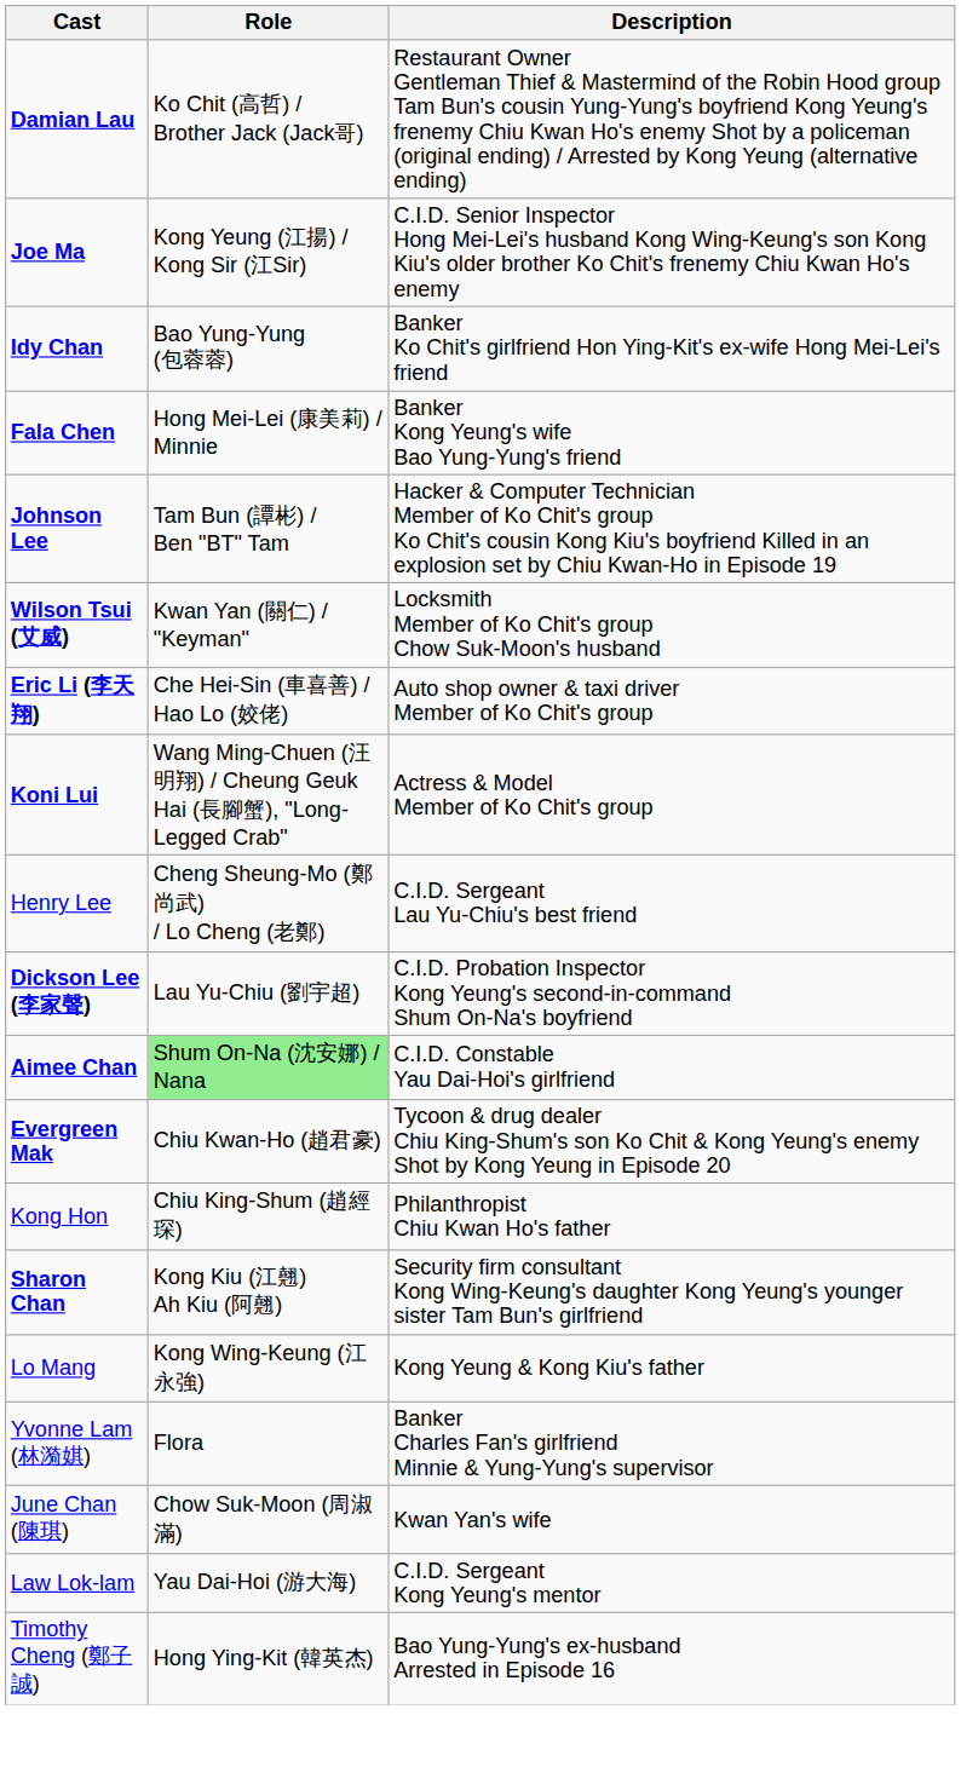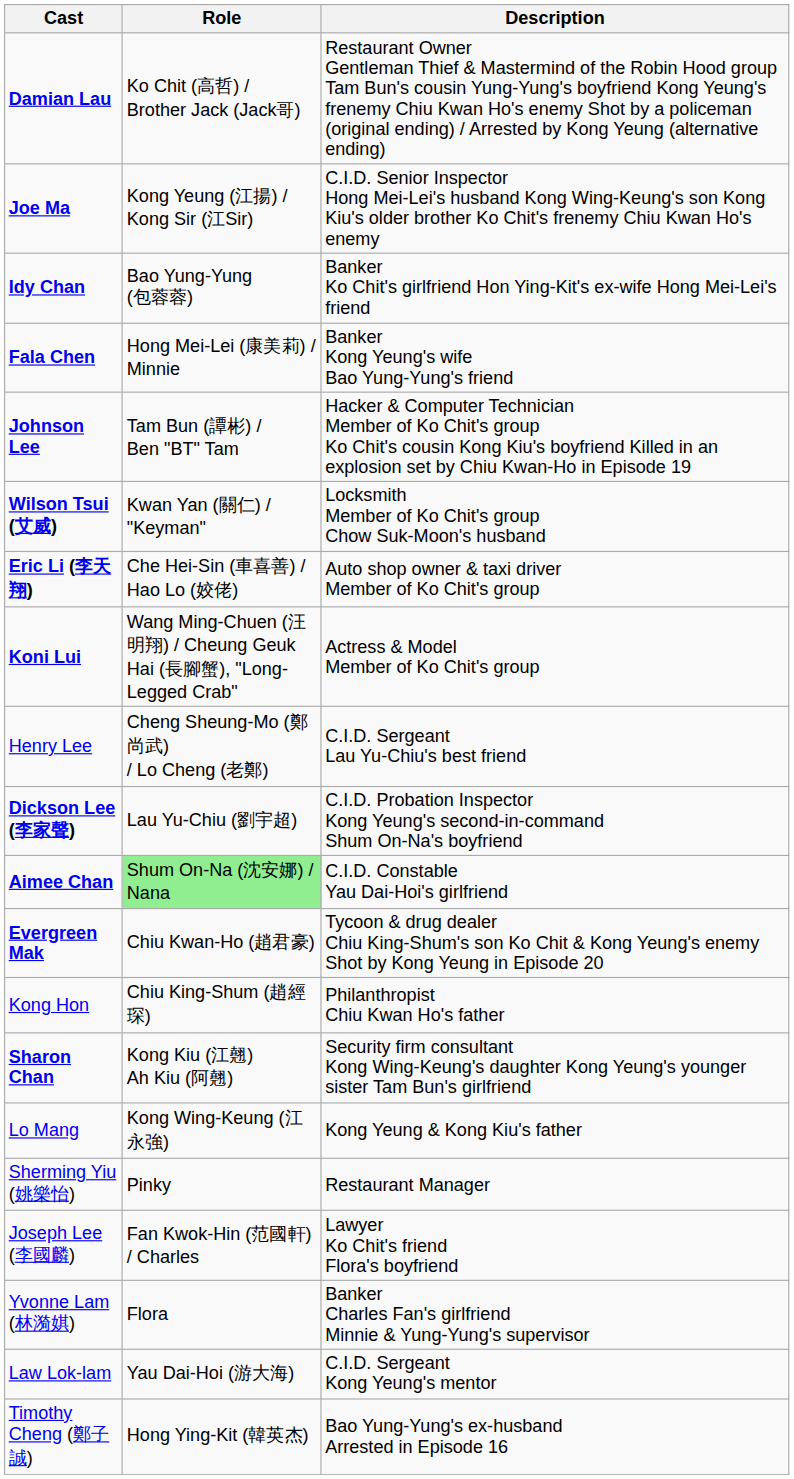 <table class="wikitable" width="55%">
 <tr>
 <th>Cast</th>
 <th>Role</th>
 <th>Description</th>
 </tr>
 <tr>
 <td><strong><a href='#'>Damian Lau</a></strong></td>
 <td>Ko Chit (高哲) /<br>Brother Jack (Jack哥)</td>
 <td>Restaurant Owner<br>Gentleman Thief & Mastermind of the Robin Hood group Tam Bun's cousin Yung-Yung's boyfriend Kong Yeung's frenemy Chiu Kwan Ho's enemy Shot by a policeman (original ending) / Arrested by Kong Yeung (alternative ending)</td>
 </tr>
 <tr>
 <td><strong><a href='#'>Joe Ma</a></strong></td>
 <td>Kong Yeung (江揚) / Kong Sir (江Sir)</td>
 <td>C.I.D. Senior Inspector<br>Hong Mei-Lei's husband Kong Wing-Keung's son Kong Kiu's older brother Ko Chit's frenemy Chiu Kwan Ho's enemy</td>
 </tr>
 <tr>
 <td><strong><a href='#'>Idy Chan</a></strong></td>
 <td>Bao Yung-Yung<br>(包蓉蓉)</td>
 <td>Banker<br>Ko Chit's girlfriend Hon Ying-Kit's ex-wife Hong Mei-Lei's friend</td>
 </tr>
 <tr>
 <td><strong><a href='#'>Fala Chen</a></strong></td>
 <td>Hong Mei-Lei (康美莉) / Minnie</td>
 <td>Banker <br>Kong Yeung's wife <br>Bao Yung-Yung's friend</td>
 </tr>
 <tr>
 <td><strong><a href='#'>Johnson Lee</a></strong></td>
 <td>Tam Bun (譚彬) /<br> Ben "BT" Tam</td>
 <td>Hacker & Computer Technician<br>Member of Ko Chit's group<br>Ko Chit's cousin Kong Kiu's boyfriend Killed in an explosion set by Chiu Kwan-Ho in Episode 19</td>
 </tr>
 <tr>
 <td><strong><a href='#'>Wilson Tsui</a> (<a href='#'>艾威</a>)</strong></td>
 <td>Kwan Yan (關仁) / "Keyman"</td>
 <td>Locksmith<br>Member of Ko Chit's group<br>Chow Suk-Moon's husband</td>
 </tr>
 <tr>
 <td><strong><a href='#'>Eric Li</a> (<a href='#'>李天翔</a>)</strong></td>
 <td>Che Hei-Sin (車喜善) / Hao Lo (姣佬)</td>
 <td>Auto shop owner & taxi driver<br>Member of Ko Chit's group</td>
 </tr>
 <tr>
 <td><strong><a href='#'>Koni Lui</a></strong></td>
 <td>Wang Ming-Chuen (汪明翔) / Cheung Geuk Hai (長腳蟹), "Long-Legged Crab"</td>
 <td>Actress & Model<br>Member of Ko Chit's group</td>
 </tr>
 <tr>
 <td><a href='#'>Henry Lee</a></td>
 <td>Cheng Sheung-Mo (鄭尚武)<br>/ Lo Cheng (老鄭)</td>
 <td>C.I.D. Sergeant<br>Lau Yu-Chiu's best friend</td>
 </tr>
 <tr>
 <td><strong><a href='#'>Dickson Lee</a> (<a href='#'>李家聲</a>)</strong></td>
 <td>Lau Yu-Chiu (劉宇超)</td>
 <td>C.I.D. Probation Inspector<br>Kong Yeung's second-in-command<br>Shum On-Na's boyfriend</td>
 </tr>
 <tr>
 <td><strong><a href='#'>Aimee Chan</a></strong></td>
 <td style="background: lightgreen;">Shum On-Na (沈安娜) / Nana</td>
 <td>C.I.D. Constable <br>Yau Dai-Hoi's girlfriend</td>
 </tr>
 <tr>
 <td><strong><a href='#'>Evergreen Mak</a></strong></td>
 <td>Chiu Kwan-Ho (趙君豪)</td>
 <td>Tycoon & drug dealer<br>Chiu King-Shum's son Ko Chit & Kong Yeung's enemy<br>Shot by Kong Yeung in Episode 20</td>
 </tr>
 <tr>
 <td><a href='#'>Kong Hon</a></td>
 <td>Chiu King-Shum (趙經琛)</td>
 <td>Philanthropist<br>Chiu Kwan Ho's father</td>
 </tr>
 <tr>
 <td><strong><a href='#'>Sharon Chan</a></strong></td>
 <td>Kong Kiu (江翹) <br> Ah Kiu (阿翹)</td>
 <td>Security firm consultant<br>Kong Wing-Keung's daughter Kong Yeung's younger sister  Tam Bun's girlfriend</td>
 </tr>
 <tr>
 <td><a href='#'>Lo Mang</a></td>
 <td>Kong Wing-Keung (江永強)</td>
 <td>Kong Yeung & Kong Kiu's father</td>
 </tr>
 <tr>
+<td><a href='#'>Sherming Yiu</a> (<a href='#'>姚樂怡</a>)</td>
+<td>Pinky</td>
+<td>Restaurant Manager</td>
+</tr>
+<tr>
+<td><a href='#'>Joseph Lee</a> (<a href='#'>李國麟</a>)</td>
+<td>Fan Kwok-Hin (范國軒) / Charles</td>
+<td>Lawyer<br>Ko Chit's friend<br>Flora's boyfriend</td>
+</tr>
+<tr>
 <td><a href='#'>Yvonne Lam</a> (<a href='#'>林漪娸</a>)</td>
 <td>Flora</td>
 <td>Banker<br>Charles Fan's girlfriend<br>Minnie & Yung-Yung's supervisor</td>
-</tr>
-<tr>
-<td><a href='#'>June Chan</a> (<a href='#'>陳琪</a>)</td>
-<td>Chow Suk-Moon (周淑滿)</td>
-<td>Kwan Yan's wife</td>
 </tr>
 <tr>
 <td><a href='#'>Law Lok-lam</a></td>
 <td>Yau Dai-Hoi (游大海)</td>
 <td>C.I.D. Sergeant<br>Kong Yeung's mentor</td>
 </tr>
 <tr>
 <td><a href='#'>Timothy Cheng</a> (<a href='#'>鄭子誠</a>)</td>
 <td>Hong Ying-Kit (韓英杰)</td>
 <td>Bao Yung-Yung's ex-husband<br>Arrested in Episode 16</td>
 </tr>
 </table>
